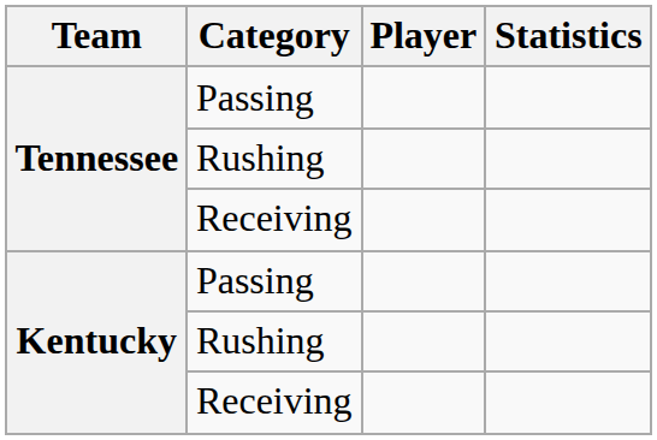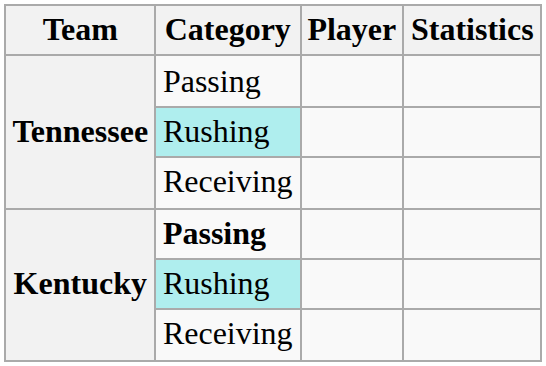 <table class="wikitable" style="float:right">
 <tr>
 <th>Team</th>
 <th>Category</th>
 <th>Player</th>
 <th>Statistics</th>
 </tr>
 <tr>
 <th rowspan=3>Tennessee</th>
 <td>Passing</td>
 <td></td>
 <td></td>
 </tr>
 <tr>
-<td>Rushing</td>
+<td style="background: paleturquoise;">Rushing</td>
 <td></td>
 <td></td>
 </tr>
 <tr>
 <td>Receiving</td>
 <td></td>
 <td></td>
 </tr>
 <tr>
 <th rowspan=3>Kentucky</th>
-<td>Passing</td>
+<td><strong>Passing</strong></td>
 <td></td>
 <td></td>
 </tr>
 <tr>
-<td>Rushing</td>
+<td style="background: paleturquoise;">Rushing</td>
 <td></td>
 <td></td>
 </tr>
 <tr>
 <td>Receiving</td>
 <td></td>
 <td></td>
 </tr>
 </table>
